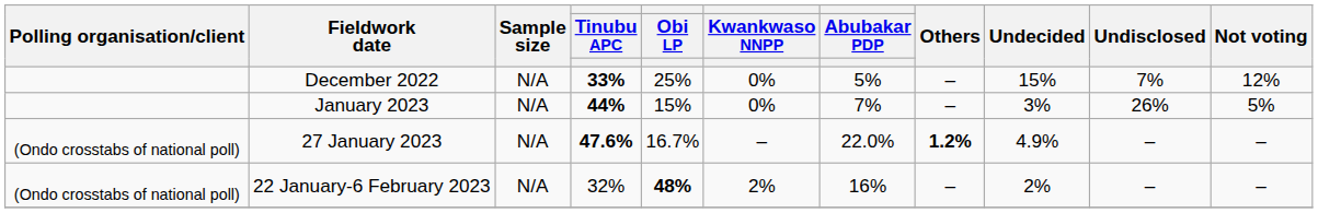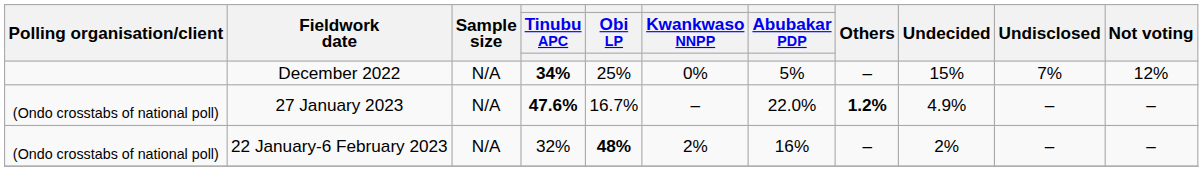 <table class="wikitable" style="text-align:center;font-size:95%;line-height:14px;">
 <tr>
 <th rowspan="3">Polling organisation/client</th>
 <th rowspan="3">Fieldwork<br>date</th>
 <th rowspan="3">Sample<br>size</th>
 <th></th>
 <th></th>
 <th></th>
 <th></th>
 <th rowspan="3">Others</th>
 <th rowspan="3">Undecided</th>
 <th rowspan="3">Undisclosed</th>
 <th rowspan="3">Not voting</th>
 </tr>
 <tr>
 <th><a href='#'>Tinubu</a><br><small><a href='#'>APC</a></small></th>
 <th><a href='#'>Obi</a><br><small><a href='#'>LP</a></small></th>
 <th><a href='#'>Kwankwaso</a><br><small><a href='#'>NNPP</a></small></th>
 <th><a href='#'>Abubakar</a><br><small><a href='#'>PDP</a></small></th>
 </tr>
 <tr>
 <th style="background:"></th>
 <th style="background:"></th>
 <th style="background:"></th>
 <th style="background:"></th>
 </tr>
 <tr>
 <td></td>
 <td>December 2022</td>
 <td>N/A</td>
-<td><strong>33%</strong></td>
+<td><strong>34%</strong></td>
 <td>25%</td>
 <td>0%</td>
 <td>5%</td>
 <td>–</td>
 <td>15%</td>
 <td>7%</td>
 <td>12%</td>
-</tr>
-<tr>
-<td></td>
-<td>January 2023</td>
-<td>N/A</td>
-<td><strong>44%</strong></td>
-<td>15%</td>
-<td>0%</td>
-<td>7%</td>
-<td>–</td>
-<td>3%</td>
-<td>26%</td>
-<td>5%</td>
 </tr>
 <tr>
 <td><br><small>(Ondo crosstabs of national poll)</small></td>
 <td>27 January 2023</td>
 <td>N/A</td>
 <td><strong>47.6%</strong></td>
 <td>16.7%</td>
 <td>–</td>
 <td>22.0%</td>
 <td><strong>1.2%</strong></td>
 <td>4.9%</td>
 <td>–</td>
 <td>–</td>
 </tr>
 <tr>
 <td><br><small>(Ondo crosstabs of national poll)</small></td>
 <td>22 January-6 February 2023</td>
 <td>N/A</td>
 <td>32%</td>
 <td><strong>48%</strong></td>
 <td>2%</td>
 <td>16%</td>
 <td>–</td>
 <td>2%</td>
 <td>–</td>
 <td>–</td>
 </tr>
 <tr>
 </tr>
 </table>
